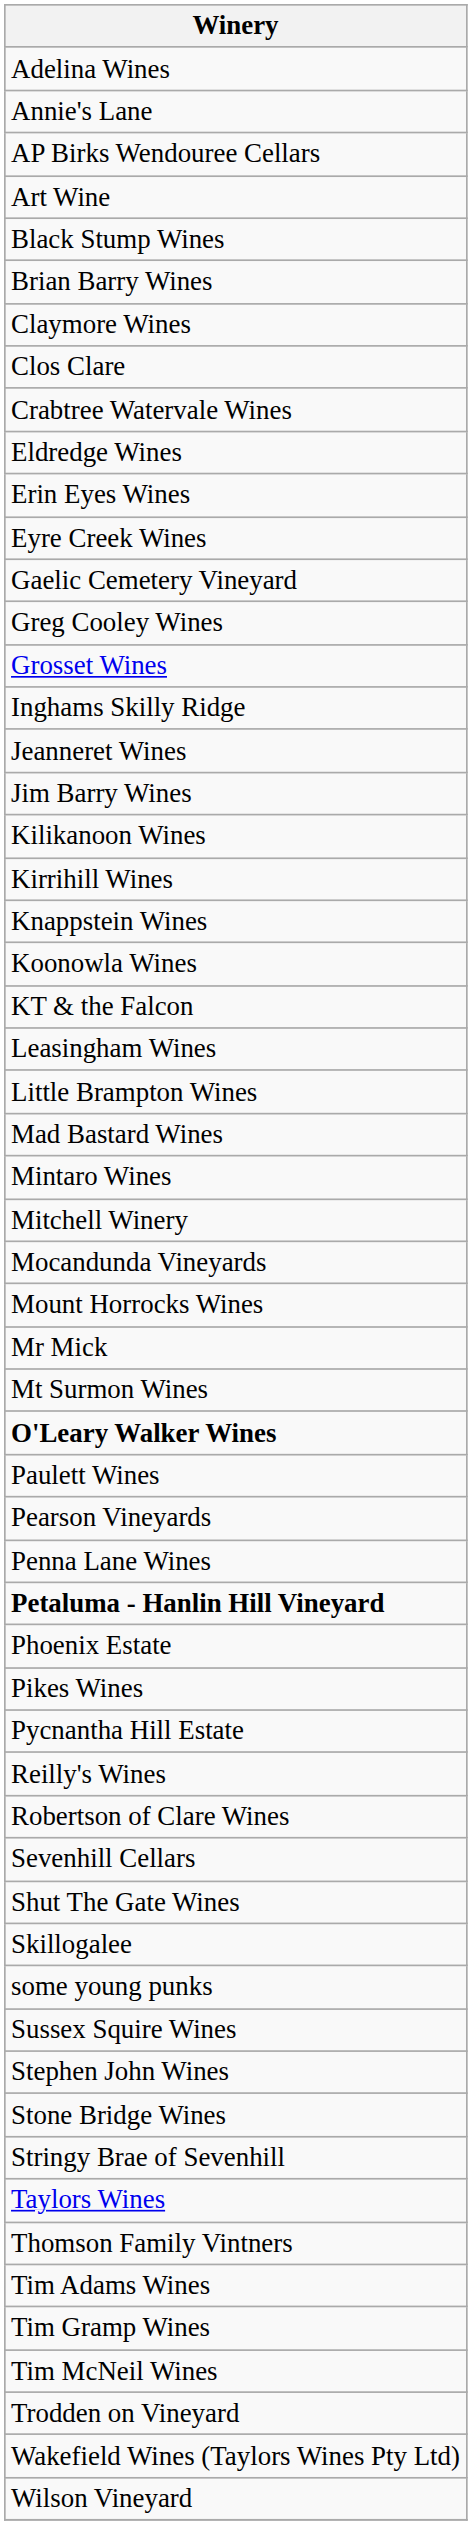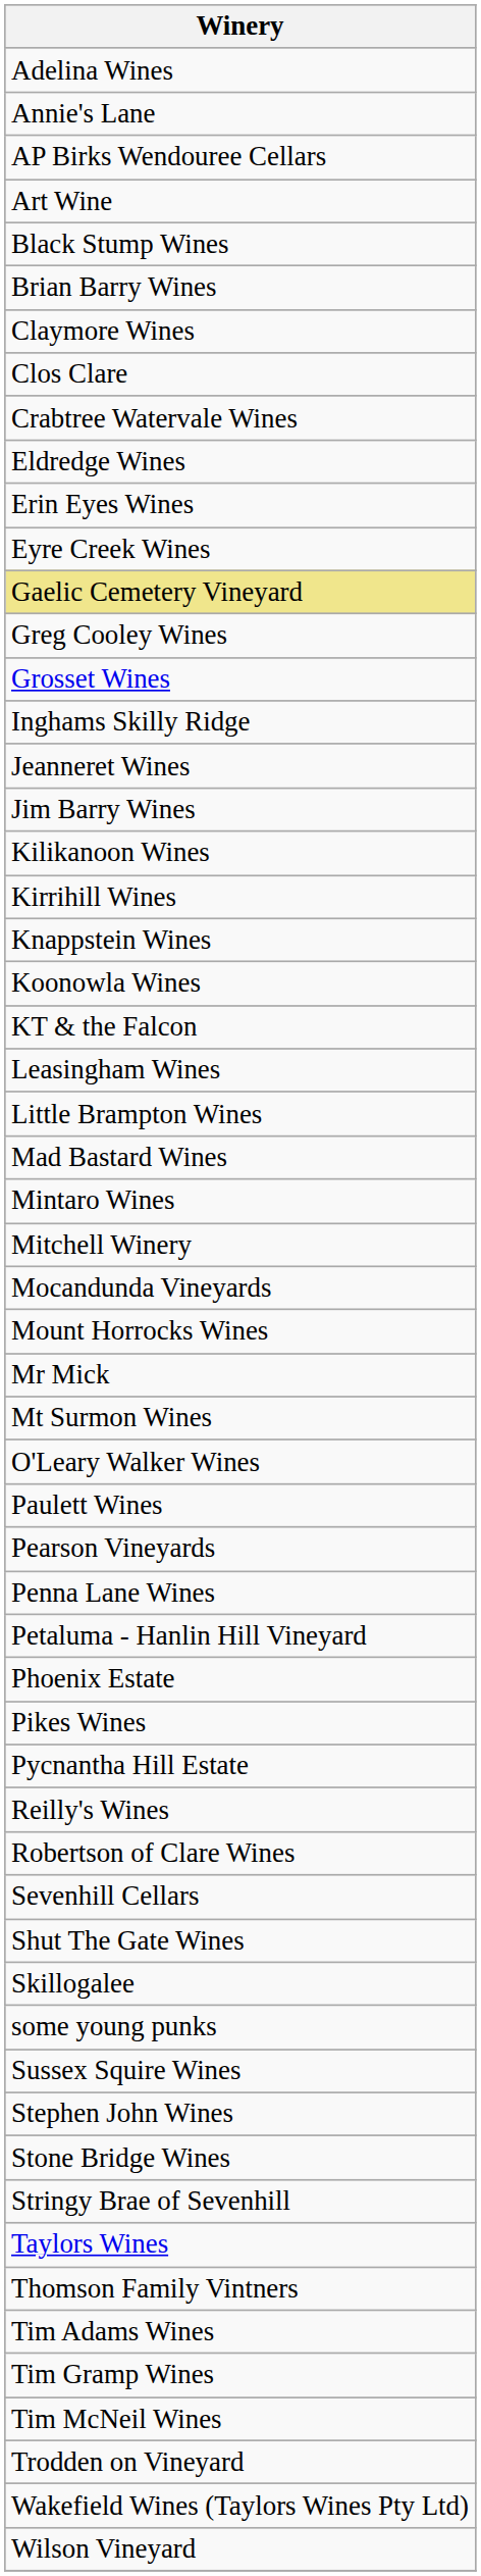 <table class="wikitable">
 <tr>
 <th>Winery</th>
 </tr>
 <tr>
 <td>Adelina Wines </td>
 </tr>
 <tr>
 <td>Annie's Lane </td>
 </tr>
 <tr>
 <td>AP Birks Wendouree Cellars</td>
 </tr>
 <tr>
 <td>Art Wine </td>
 </tr>
 <tr>
 <td>Black Stump Wines </td>
 </tr>
 <tr>
 <td>Brian Barry Wines </td>
 </tr>
 <tr>
 <td>Claymore Wines </td>
 </tr>
 <tr>
 <td>Clos Clare </td>
 </tr>
 <tr>
 <td>Crabtree Watervale Wines </td>
 </tr>
 <tr>
 <td>Eldredge Wines </td>
 </tr>
 <tr>
 <td>Erin Eyes Wines </td>
 </tr>
 <tr>
 <td>Eyre Creek Wines</td>
 </tr>
 <tr>
-<td>Gaelic Cemetery Vineyard </td>
+<td style="background: khaki;">Gaelic Cemetery Vineyard </td>
 </tr>
 <tr>
 <td>Greg Cooley Wines </td>
 </tr>
 <tr>
 <td><a href='#'>Grosset Wines</a> </td>
 </tr>
 <tr>
 <td>Inghams Skilly Ridge</td>
 </tr>
 <tr>
 <td>Jeanneret Wines </td>
 </tr>
 <tr>
 <td>Jim Barry Wines </td>
 </tr>
 <tr>
 <td>Kilikanoon Wines </td>
 </tr>
 <tr>
 <td>Kirrihill Wines </td>
 </tr>
 <tr>
 <td>Knappstein Wines </td>
 </tr>
 <tr>
 <td>Koonowla Wines </td>
 </tr>
 <tr>
 <td>KT & the Falcon </td>
 </tr>
 <tr>
 <td>Leasingham Wines </td>
 </tr>
 <tr>
 <td>Little Brampton Wines </td>
 </tr>
 <tr>
 <td>Mad Bastard Wines </td>
 </tr>
 <tr>
 <td>Mintaro Wines </td>
 </tr>
 <tr>
 <td>Mitchell Winery </td>
 </tr>
 <tr>
 <td>Mocandunda Vineyards </td>
 </tr>
 <tr>
 <td>Mount Horrocks Wines </td>
 </tr>
 <tr>
 <td>Mr Mick </td>
 </tr>
 <tr>
 <td>Mt Surmon Wines </td>
 </tr>
 <tr>
-<td><strong>O'Leary Walker Wines </strong></td>
+<td>O'Leary Walker Wines </td>
 </tr>
 <tr>
 <td>Paulett Wines </td>
 </tr>
 <tr>
 <td>Pearson Vineyards</td>
 </tr>
 <tr>
 <td>Penna Lane Wines </td>
 </tr>
 <tr>
-<td><strong>Petaluma - Hanlin Hill Vineyard </strong></td>
+<td>Petaluma - Hanlin Hill Vineyard </td>
 </tr>
 <tr>
 <td>Phoenix Estate</td>
 </tr>
 <tr>
 <td>Pikes Wines </td>
 </tr>
 <tr>
 <td>Pycnantha Hill Estate</td>
 </tr>
 <tr>
 <td>Reilly's Wines </td>
 </tr>
 <tr>
 <td>Robertson of Clare Wines </td>
 </tr>
 <tr>
 <td>Sevenhill Cellars </td>
 </tr>
 <tr>
 <td>Shut The Gate Wines</td>
 </tr>
 <tr>
 <td>Skillogalee </td>
 </tr>
 <tr>
 <td>some young punks </td>
 </tr>
 <tr>
 <td>Sussex Squire Wines </td>
 </tr>
 <tr>
 <td>Stephen John Wines</td>
 </tr>
 <tr>
 <td>Stone Bridge Wines </td>
 </tr>
 <tr>
 <td>Stringy Brae of Sevenhill </td>
 </tr>
 <tr>
 <td><a href='#'>Taylors Wines</a> </td>
 </tr>
 <tr>
 <td>Thomson Family Vintners </td>
 </tr>
 <tr>
 <td>Tim Adams Wines </td>
 </tr>
 <tr>
 <td>Tim Gramp Wines </td>
 </tr>
 <tr>
 <td>Tim McNeil Wines </td>
 </tr>
 <tr>
 <td>Trodden on Vineyard </td>
 </tr>
 <tr>
 <td>Wakefield Wines (Taylors Wines Pty Ltd)</td>
 </tr>
 <tr>
 <td>Wilson Vineyard </td>
 </tr>
 <tr>
 </tr>
 </table>
